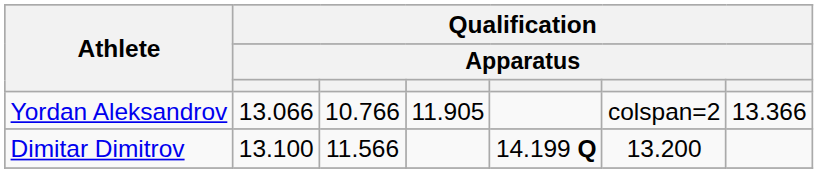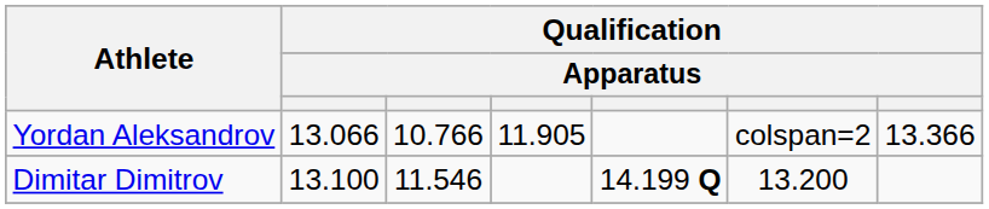 <table class="wikitable" style="font-size:90%">
 <tr>
 <th rowspan=3>Athlete</th>
 <th colspan=6>Qualification</th>
 </tr>
 <tr style="font-size:95%">
 <th colspan=6>Apparatus</th>
 </tr>
 <tr style="font-size:95%">
 <th></th>
 <th></th>
 <th></th>
 <th></th>
 <th></th>
 <th></th>
 </tr>
 <tr align=center>
 <td align=left><a href='#'>Yordan Aleksandrov</a></td>
 <td>13.066</td>
 <td>10.766</td>
 <td>11.905</td>
 <td></td>
 <td>colspan=2</td>
 <td>13.366</td>
 </tr>
 <tr align=center>
 <td align=left><a href='#'>Dimitar Dimitrov</a></td>
 <td>13.100</td>
-<td>11.566</td>
+<td>11.546</td>
 <td></td>
 <td>14.199 <strong>Q</strong></td>
 <td>13.200</td>
 </tr>
 </table>
